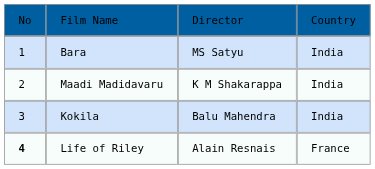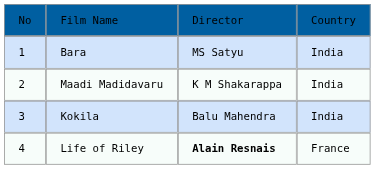 <table style="border-spacing:0;">
 <tr>
 <td style="background-color:#005fa1;border:0.05pt solid #999999;padding-top:0.116in;padding-bottom:0.116in;padding-left:0.1743in;padding-right:0.1743in;"><div>No</div></td>
 <td style="background-color:#005fa1;border:0.05pt solid #999999;padding-top:0.116in;padding-bottom:0.116in;padding-left:0.1743in;padding-right:0.1743in;">Film Name</td>
 <td style="background-color:#005fa1;border:0.05pt solid #999999;padding-top:0.116in;padding-bottom:0.116in;padding-left:0.1743in;padding-right:0.1743in;">Director</td>
 <td style="background-color:#005fa1;border:0.05pt solid #999999;padding-top:0.116in;padding-bottom:0.116in;padding-left:0.1743in;padding-right:0.1743in;">Country</td>
 </tr>
 <tr>
 <td style="background-color:#d2e4fc;border:0.05pt solid #999999;padding-top:0.116in;padding-bottom:0.116in;padding-left:0.1743in;padding-right:0.1743in;"><div>1</div></td>
 <td style="background-color:#d2e4fc;border:0.05pt solid #999999;padding-top:0.116in;padding-bottom:0.116in;padding-left:0.1743in;padding-right:0.1743in;">Bara</td>
 <td style="background-color:#d2e4fc;border:0.05pt solid #999999;padding-top:0.116in;padding-bottom:0.116in;padding-left:0.1743in;padding-right:0.1743in;">MS Satyu</td>
 <td style="background-color:#d2e4fc;border:0.05pt solid #999999;padding-top:0.116in;padding-bottom:0.116in;padding-left:0.1743in;padding-right:0.1743in;">India</td>
 </tr>
 <tr>
 <td style="background-color:#f7fdfa;border:0.05pt solid #999999;padding-top:0.116in;padding-bottom:0.116in;padding-left:0.1743in;padding-right:0.1743in;"><div>2</div></td>
 <td style="background-color:#f7fdfa;border:0.05pt solid #999999;padding-top:0.116in;padding-bottom:0.116in;padding-left:0.1743in;padding-right:0.1743in;">Maadi Madidavaru</td>
 <td style="background-color:#f7fdfa;border:0.05pt solid #999999;padding-top:0.116in;padding-bottom:0.116in;padding-left:0.1743in;padding-right:0.1743in;">K M Shakarappa</td>
 <td style="background-color:#f7fdfa;border:0.05pt solid #999999;padding-top:0.116in;padding-bottom:0.116in;padding-left:0.1743in;padding-right:0.1743in;">India</td>
 </tr>
 <tr>
 <td style="background-color:#d2e4fc;border:0.05pt solid #999999;padding-top:0.116in;padding-bottom:0.116in;padding-left:0.1743in;padding-right:0.1743in;"><div>3</div></td>
 <td style="background-color:#d2e4fc;border:0.05pt solid #999999;padding-top:0.116in;padding-bottom:0.116in;padding-left:0.1743in;padding-right:0.1743in;">Kokila</td>
 <td style="background-color:#d2e4fc;border:0.05pt solid #999999;padding-top:0.116in;padding-bottom:0.116in;padding-left:0.1743in;padding-right:0.1743in;">Balu Mahendra</td>
 <td style="background-color:#d2e4fc;border:0.05pt solid #999999;padding-top:0.116in;padding-bottom:0.116in;padding-left:0.1743in;padding-right:0.1743in;">India</td>
 </tr>
 <tr>
-<td style="background-color:#f7fdfa;border:0.05pt solid #999999;padding-top:0.116in;padding-bottom:0.116in;padding-left:0.1743in;padding-right:0.1743in;"><strong><div>4</div></strong></td>
+<td style="background-color:#f7fdfa;border:0.05pt solid #999999;padding-top:0.116in;padding-bottom:0.116in;padding-left:0.1743in;padding-right:0.1743in;"><div>4</div></td>
 <td style="background-color:#f7fdfa;border:0.05pt solid #999999;padding-top:0.116in;padding-bottom:0.116in;padding-left:0.1743in;padding-right:0.1743in;">Life of Riley</td>
-<td style="background-color:#f7fdfa;border:0.05pt solid #999999;padding-top:0.116in;padding-bottom:0.116in;padding-left:0.1743in;padding-right:0.1743in;">Alain Resnais</td>
+<td style="background-color:#f7fdfa;border:0.05pt solid #999999;padding-top:0.116in;padding-bottom:0.116in;padding-left:0.1743in;padding-right:0.1743in;"><strong>Alain Resnais</strong></td>
 <td style="background-color:#f7fdfa;border:0.05pt solid #999999;padding-top:0.116in;padding-bottom:0.116in;padding-left:0.1743in;padding-right:0.1743in;">France</td>
 </tr>
 </table>
